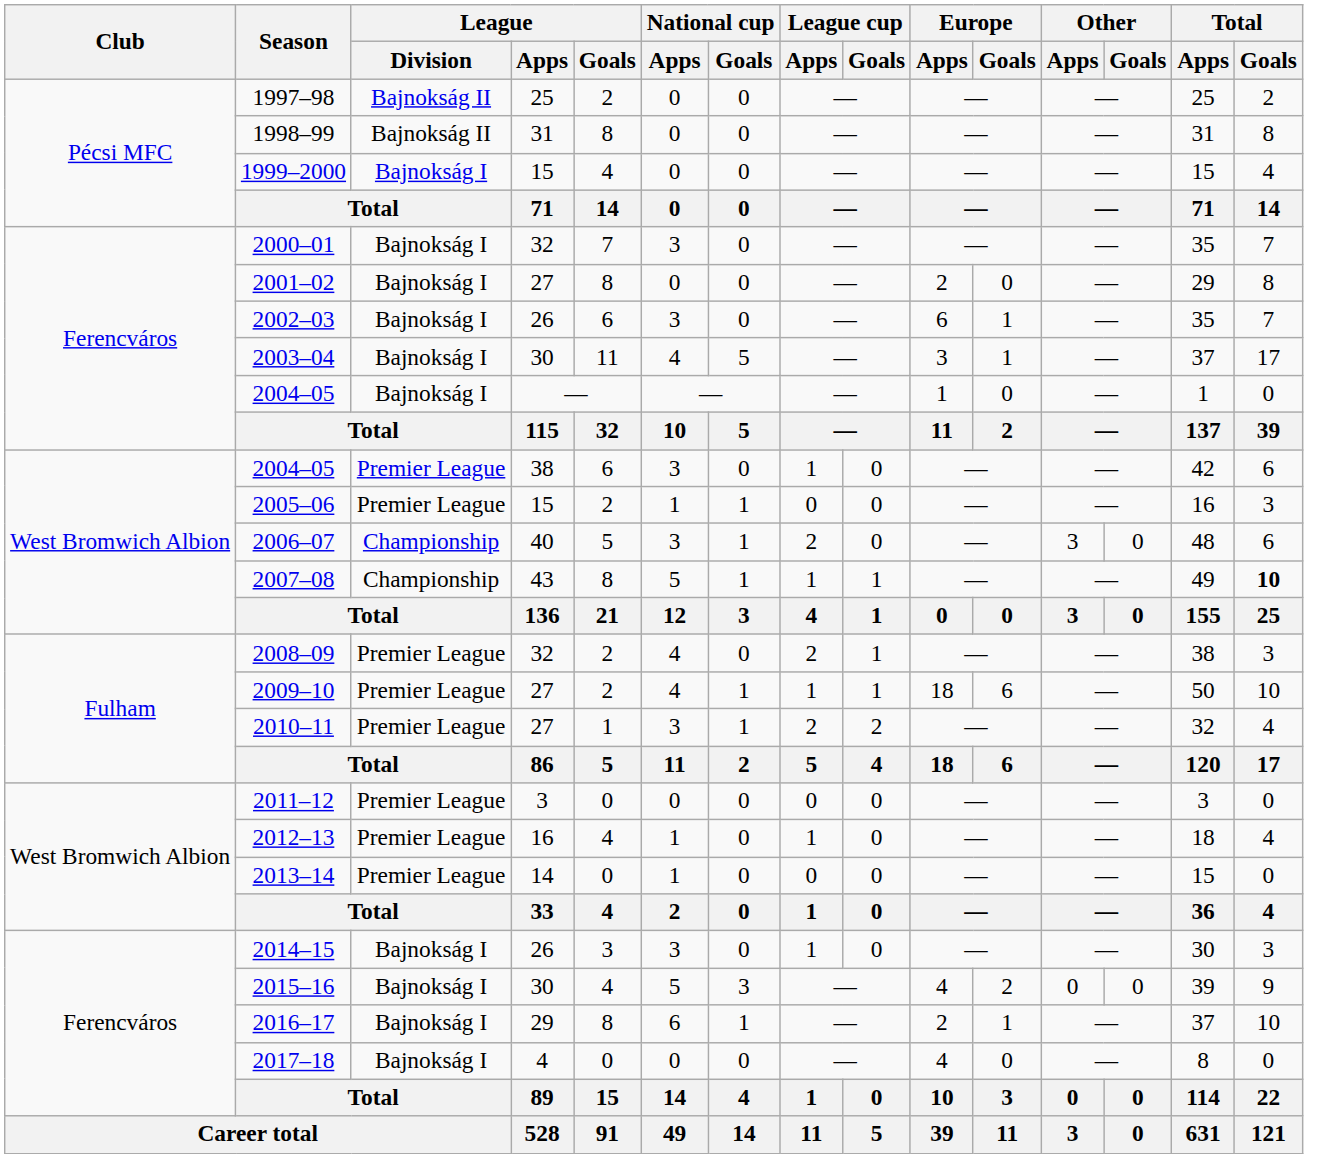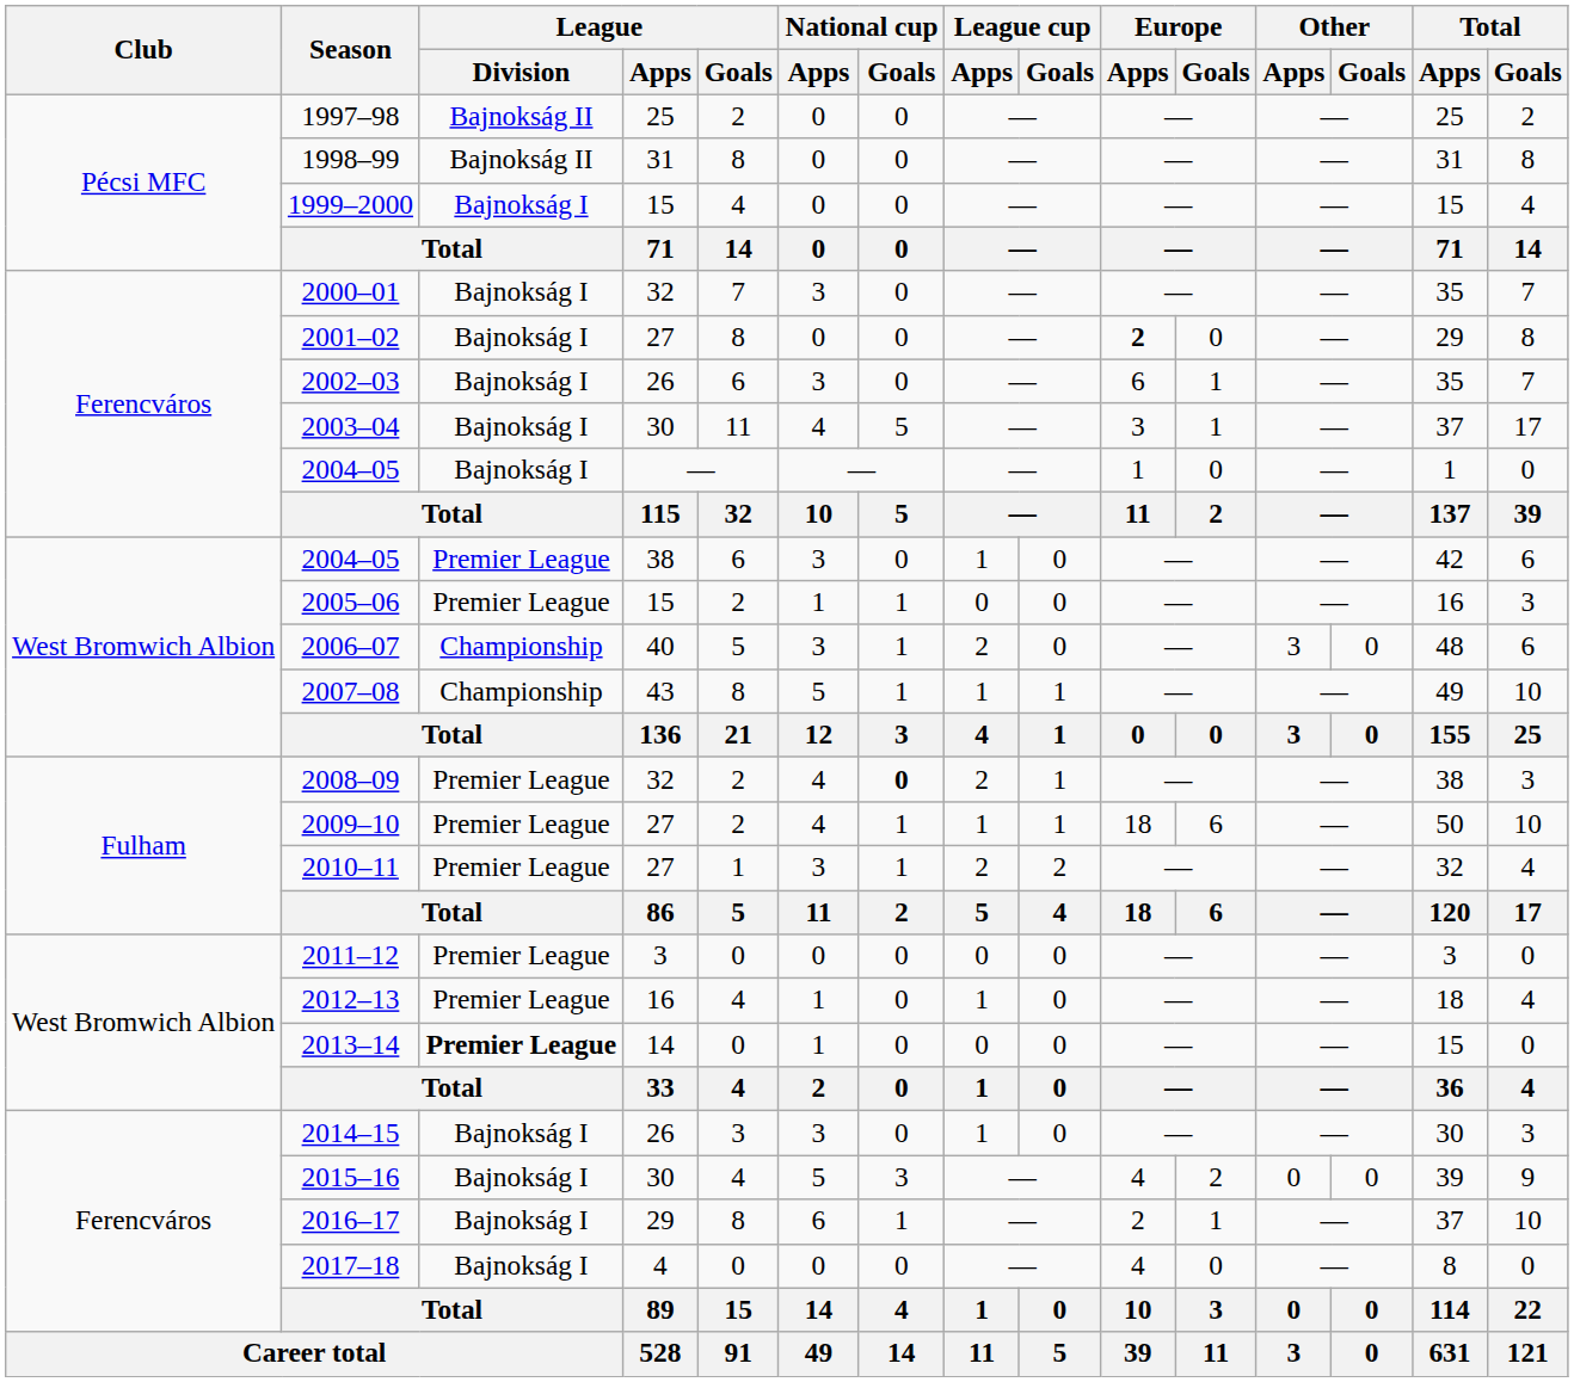 <table class="wikitable" style="text-align:center">
 <tr>
 <th rowspan="2">Club</th>
 <th rowspan="2">Season</th>
 <th colspan="3">League</th>
 <th colspan="2">National cup</th>
 <th colspan="2">League cup</th>
 <th colspan="2">Europe</th>
 <th colspan="2">Other</th>
 <th colspan="2">Total</th>
 </tr>
 <tr>
 <th>Division</th>
 <th>Apps</th>
 <th>Goals</th>
 <th>Apps</th>
 <th>Goals</th>
 <th>Apps</th>
 <th>Goals</th>
 <th>Apps</th>
 <th>Goals</th>
 <th>Apps</th>
 <th>Goals</th>
 <th>Apps</th>
 <th>Goals</th>
 </tr>
 <tr>
 <td rowspan="4"><a href='#'>Pécsi MFC</a></td>
 <td>1997–98</td>
 <td><a href='#'>Bajnokság II</a></td>
 <td>25</td>
 <td>2</td>
 <td>0</td>
 <td>0</td>
 <td colspan="2">—</td>
 <td colspan="2">—</td>
 <td colspan="2">—</td>
 <td>25</td>
 <td>2</td>
 </tr>
 <tr>
 <td>1998–99</td>
 <td>Bajnokság II</td>
 <td>31</td>
 <td>8</td>
 <td>0</td>
 <td>0</td>
 <td colspan="2">—</td>
 <td colspan="2">—</td>
 <td colspan="2">—</td>
 <td>31</td>
 <td>8</td>
 </tr>
 <tr>
 <td><a href='#'>1999–2000</a></td>
 <td><a href='#'>Bajnokság I</a></td>
 <td>15</td>
 <td>4</td>
 <td>0</td>
 <td>0</td>
 <td colspan="2">—</td>
 <td colspan="2">—</td>
 <td colspan="2">—</td>
 <td>15</td>
 <td>4</td>
 </tr>
 <tr>
 <th colspan="2">Total</th>
 <th>71</th>
 <th>14</th>
 <th>0</th>
 <th>0</th>
 <th colspan="2">—</th>
 <th colspan="2">—</th>
 <th colspan="2">—</th>
 <th>71</th>
 <th>14</th>
 </tr>
 <tr>
 <td rowspan="6"><a href='#'>Ferencváros</a></td>
 <td><a href='#'>2000–01</a></td>
 <td>Bajnokság I</td>
 <td>32</td>
 <td>7</td>
 <td>3</td>
 <td>0</td>
 <td colspan="2">—</td>
 <td colspan="2">—</td>
 <td colspan="2">—</td>
 <td>35</td>
 <td>7</td>
 </tr>
 <tr>
 <td><a href='#'>2001–02</a></td>
 <td>Bajnokság I</td>
 <td>27</td>
 <td>8</td>
 <td>0</td>
 <td>0</td>
 <td colspan="2">—</td>
-<td>2</td>
+<td><strong>2</strong></td>
 <td>0</td>
 <td colspan="2">—</td>
 <td>29</td>
 <td>8</td>
 </tr>
 <tr>
 <td><a href='#'>2002–03</a></td>
 <td>Bajnokság I</td>
 <td>26</td>
 <td>6</td>
 <td>3</td>
 <td>0</td>
 <td colspan="2">—</td>
 <td>6</td>
 <td>1</td>
 <td colspan="2">—</td>
 <td>35</td>
 <td>7</td>
 </tr>
 <tr>
 <td><a href='#'>2003–04</a></td>
 <td>Bajnokság I</td>
 <td>30</td>
 <td>11</td>
 <td>4</td>
 <td>5</td>
 <td colspan="2">—</td>
 <td>3</td>
 <td>1</td>
 <td colspan="2">—</td>
 <td>37</td>
 <td>17</td>
 </tr>
 <tr>
 <td><a href='#'>2004–05</a></td>
 <td>Bajnokság I</td>
 <td colspan="2">—</td>
 <td colspan="2">—</td>
 <td colspan="2">—</td>
 <td>1</td>
 <td>0</td>
 <td colspan="2">—</td>
 <td>1</td>
 <td>0</td>
 </tr>
 <tr>
 <th colspan="2">Total</th>
 <th>115</th>
 <th>32</th>
 <th>10</th>
 <th>5</th>
 <th colspan="2">—</th>
 <th>11</th>
 <th>2</th>
 <th colspan="2">—</th>
 <th>137</th>
 <th>39</th>
 </tr>
 <tr>
 <td rowspan="5"><a href='#'>West Bromwich Albion</a></td>
 <td><a href='#'>2004–05</a></td>
 <td><a href='#'>Premier League</a></td>
 <td>38</td>
 <td>6</td>
 <td>3</td>
 <td>0</td>
 <td>1</td>
 <td>0</td>
 <td colspan="2">—</td>
 <td colspan="2">—</td>
 <td>42</td>
 <td>6</td>
 </tr>
 <tr>
 <td><a href='#'>2005–06</a></td>
 <td>Premier League</td>
 <td>15</td>
 <td>2</td>
 <td>1</td>
 <td>1</td>
 <td>0</td>
 <td>0</td>
 <td colspan="2">—</td>
 <td colspan="2">—</td>
 <td>16</td>
 <td>3</td>
 </tr>
 <tr>
 <td><a href='#'>2006–07</a></td>
 <td><a href='#'>Championship</a></td>
 <td>40</td>
 <td>5</td>
 <td>3</td>
 <td>1</td>
 <td>2</td>
 <td>0</td>
 <td colspan="2">—</td>
 <td>3</td>
 <td>0</td>
 <td>48</td>
 <td>6</td>
 </tr>
 <tr>
 <td><a href='#'>2007–08</a></td>
 <td>Championship</td>
 <td>43</td>
 <td>8</td>
 <td>5</td>
 <td>1</td>
 <td>1</td>
 <td>1</td>
 <td colspan="2">—</td>
 <td colspan="2">—</td>
 <td>49</td>
-<td><strong>10</strong></td>
+<td>10</td>
 </tr>
 <tr>
 <th colspan="2">Total</th>
 <th>136</th>
 <th>21</th>
 <th>12</th>
 <th>3</th>
 <th>4</th>
 <th>1</th>
 <th>0</th>
 <th>0</th>
 <th>3</th>
 <th>0</th>
 <th>155</th>
 <th>25</th>
 </tr>
 <tr>
 <td rowspan="4"><a href='#'>Fulham</a></td>
 <td><a href='#'>2008–09</a></td>
 <td>Premier League</td>
 <td>32</td>
 <td>2</td>
 <td>4</td>
-<td>0</td>
+<td><strong>0</strong></td>
 <td>2</td>
 <td>1</td>
 <td colspan="2">—</td>
 <td colspan="2">—</td>
 <td>38</td>
 <td>3</td>
 </tr>
 <tr>
 <td><a href='#'>2009–10</a></td>
 <td>Premier League</td>
 <td>27</td>
 <td>2</td>
 <td>4</td>
 <td>1</td>
 <td>1</td>
 <td>1</td>
 <td>18</td>
 <td>6</td>
 <td colspan="2">—</td>
 <td>50</td>
 <td>10</td>
 </tr>
 <tr>
 <td><a href='#'>2010–11</a></td>
 <td>Premier League</td>
 <td>27</td>
 <td>1</td>
 <td>3</td>
 <td>1</td>
 <td>2</td>
 <td>2</td>
 <td colspan="2">—</td>
 <td colspan="2">—</td>
 <td>32</td>
 <td>4</td>
 </tr>
 <tr>
 <th colspan="2">Total</th>
 <th>86</th>
 <th>5</th>
 <th>11</th>
 <th>2</th>
 <th>5</th>
 <th>4</th>
 <th>18</th>
 <th>6</th>
 <th colspan="2">—</th>
 <th>120</th>
 <th>17</th>
 </tr>
 <tr>
 <td rowspan="4">West Bromwich Albion</td>
 <td><a href='#'>2011–12</a></td>
 <td>Premier League</td>
 <td>3</td>
 <td>0</td>
 <td>0</td>
 <td>0</td>
 <td>0</td>
 <td>0</td>
 <td colspan="2">—</td>
 <td colspan="2">—</td>
 <td>3</td>
 <td>0</td>
 </tr>
 <tr>
 <td><a href='#'>2012–13</a></td>
 <td>Premier League</td>
 <td>16</td>
 <td>4</td>
 <td>1</td>
 <td>0</td>
 <td>1</td>
 <td>0</td>
 <td colspan="2">—</td>
 <td colspan="2">—</td>
 <td>18</td>
 <td>4</td>
 </tr>
 <tr>
 <td><a href='#'>2013–14</a></td>
-<td>Premier League</td>
+<td><strong>Premier League</strong></td>
 <td>14</td>
 <td>0</td>
 <td>1</td>
 <td>0</td>
 <td>0</td>
 <td>0</td>
 <td colspan="2">—</td>
 <td colspan="2">—</td>
 <td>15</td>
 <td>0</td>
 </tr>
 <tr>
 <th colspan="2">Total</th>
 <th>33</th>
 <th>4</th>
 <th>2</th>
 <th>0</th>
 <th>1</th>
 <th>0</th>
 <th colspan="2">—</th>
 <th colspan="2">—</th>
 <th>36</th>
 <th>4</th>
 </tr>
 <tr>
 <td rowspan="5">Ferencváros</td>
 <td><a href='#'>2014–15</a></td>
 <td>Bajnokság I</td>
 <td>26</td>
 <td>3</td>
 <td>3</td>
 <td>0</td>
 <td>1</td>
 <td>0</td>
 <td colspan="2">—</td>
 <td colspan="2">—</td>
 <td>30</td>
 <td>3</td>
 </tr>
 <tr>
 <td><a href='#'>2015–16</a></td>
 <td>Bajnokság I</td>
 <td>30</td>
 <td>4</td>
 <td>5</td>
 <td>3</td>
 <td colspan="2">—</td>
 <td>4</td>
 <td>2</td>
 <td>0</td>
 <td>0</td>
 <td>39</td>
 <td>9</td>
 </tr>
 <tr>
 <td><a href='#'>2016–17</a></td>
 <td>Bajnokság I</td>
 <td>29</td>
 <td>8</td>
 <td>6</td>
 <td>1</td>
 <td colspan="2">—</td>
 <td>2</td>
 <td>1</td>
 <td colspan="2">—</td>
 <td>37</td>
 <td>10</td>
 </tr>
 <tr>
 <td><a href='#'>2017–18</a></td>
 <td>Bajnokság I</td>
 <td>4</td>
 <td>0</td>
 <td>0</td>
 <td>0</td>
 <td colspan="2">—</td>
 <td>4</td>
 <td>0</td>
 <td colspan="2">—</td>
 <td>8</td>
 <td>0</td>
 </tr>
 <tr>
 <th colspan="2">Total</th>
 <th>89</th>
 <th>15</th>
 <th>14</th>
 <th>4</th>
 <th>1</th>
 <th>0</th>
 <th>10</th>
 <th>3</th>
 <th>0</th>
 <th>0</th>
 <th>114</th>
 <th>22</th>
 </tr>
 <tr>
 <th colspan="3">Career total</th>
 <th>528</th>
 <th>91</th>
 <th>49</th>
 <th>14</th>
 <th>11</th>
 <th>5</th>
 <th>39</th>
 <th>11</th>
 <th>3</th>
 <th>0</th>
 <th>631</th>
 <th>121</th>
 </tr>
 </table>
